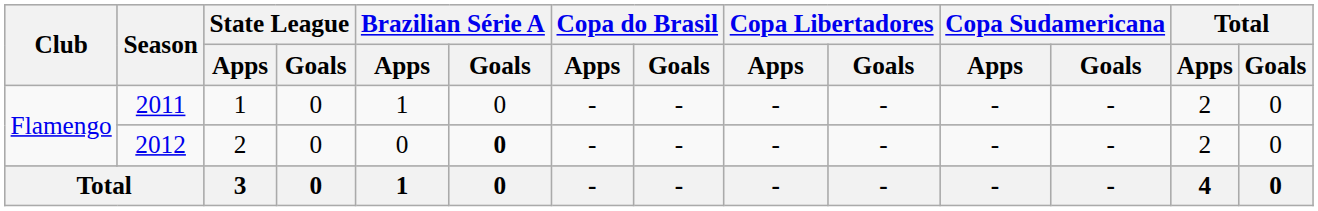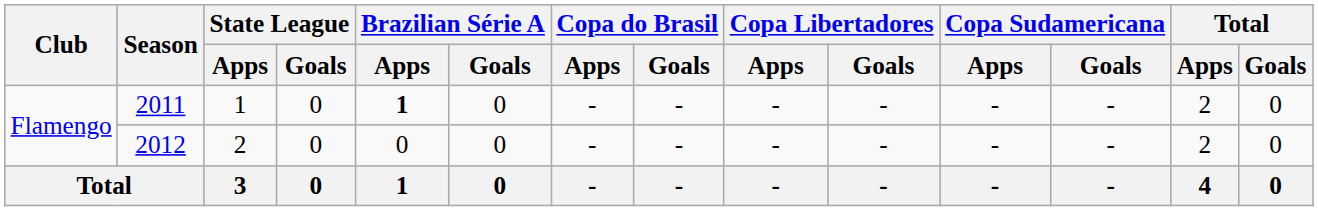 <table class="wikitable" style="text-align: center;">
 <tr>
 <th rowspan="2">Club</th>
 <th rowspan="2">Season</th>
 <th colspan="2">State League</th>
 <th colspan="2"><a href='#'>Brazilian Série A</a></th>
 <th colspan="2"><a href='#'>Copa do Brasil</a></th>
 <th colspan="2"><a href='#'>Copa Libertadores</a></th>
 <th colspan="2"><a href='#'>Copa Sudamericana</a></th>
 <th colspan="2">Total</th>
 </tr>
 <tr>
 <th>Apps</th>
 <th>Goals</th>
 <th>Apps</th>
 <th>Goals</th>
 <th>Apps</th>
 <th>Goals</th>
 <th>Apps</th>
 <th>Goals</th>
 <th>Apps</th>
 <th>Goals</th>
 <th>Apps</th>
 <th>Goals</th>
 </tr>
 <tr>
 <td rowspan="2" valign="center"><a href='#'>Flamengo</a></td>
 <td><a href='#'>2011</a></td>
 <td>1</td>
 <td>0</td>
-<td>1</td>
+<td><strong>1</strong></td>
 <td>0</td>
 <td>-</td>
 <td>-</td>
 <td>-</td>
 <td>-</td>
 <td>-</td>
 <td>-</td>
 <td>2</td>
 <td>0</td>
 </tr>
 <tr>
 <td><a href='#'>2012</a></td>
 <td>2</td>
 <td>0</td>
 <td>0</td>
-<td><strong>0</strong></td>
+<td>0</td>
 <td>-</td>
 <td>-</td>
 <td>-</td>
 <td>-</td>
 <td>-</td>
 <td>-</td>
 <td>2</td>
 <td>0</td>
 </tr>
 <tr>
 <th colspan="2"><strong>Total</strong></th>
 <th>3</th>
 <th>0</th>
 <th>1</th>
 <th>0</th>
 <th>-</th>
 <th>-</th>
 <th>-</th>
 <th>-</th>
 <th>-</th>
 <th>-</th>
 <th>4</th>
 <th>0</th>
 </tr>
 </table>
